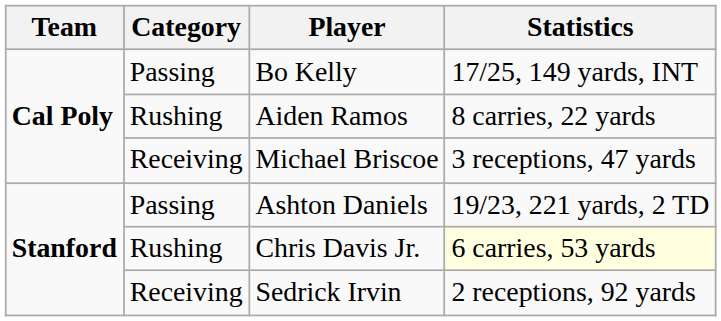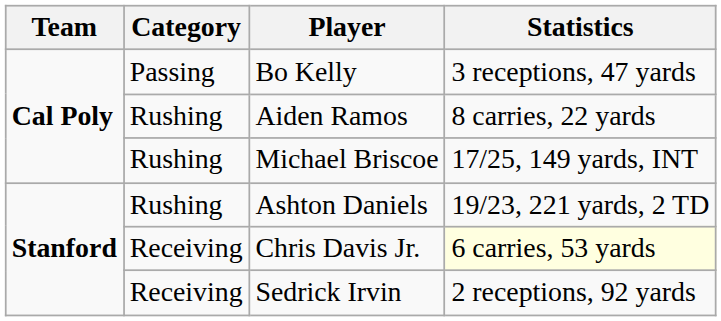 <table class="wikitable" style="float: right;">
 <tr>
 <th>Team</th>
 <th>Category</th>
 <th>Player</th>
 <th>Statistics</th>
 </tr>
 <tr>
 <td rowspan=3><strong>Cal Poly</strong></td>
 <td>Passing</td>
 <td>Bo Kelly</td>
-<td>17/25, 149 yards, INT</td>
+<td>3 receptions, 47 yards</td>
 </tr>
 <tr>
 <td>Rushing</td>
 <td>Aiden Ramos</td>
 <td>8 carries, 22 yards</td>
 </tr>
 <tr>
-<td>Receiving</td>
+<td>Rushing</td>
 <td>Michael Briscoe</td>
-<td>3 receptions, 47 yards</td>
+<td>17/25, 149 yards, INT</td>
 </tr>
 <tr>
 <td rowspan=3><strong>Stanford</strong></td>
-<td>Passing</td>
+<td>Rushing</td>
 <td>Ashton Daniels</td>
 <td>19/23, 221 yards, 2 TD</td>
 </tr>
 <tr>
-<td>Rushing</td>
+<td>Receiving</td>
 <td>Chris Davis Jr.</td>
 <td style="background: lightyellow;">6 carries, 53 yards</td>
 </tr>
 <tr>
 <td>Receiving</td>
 <td>Sedrick Irvin</td>
 <td>2 receptions, 92 yards</td>
 </tr>
 </table>
